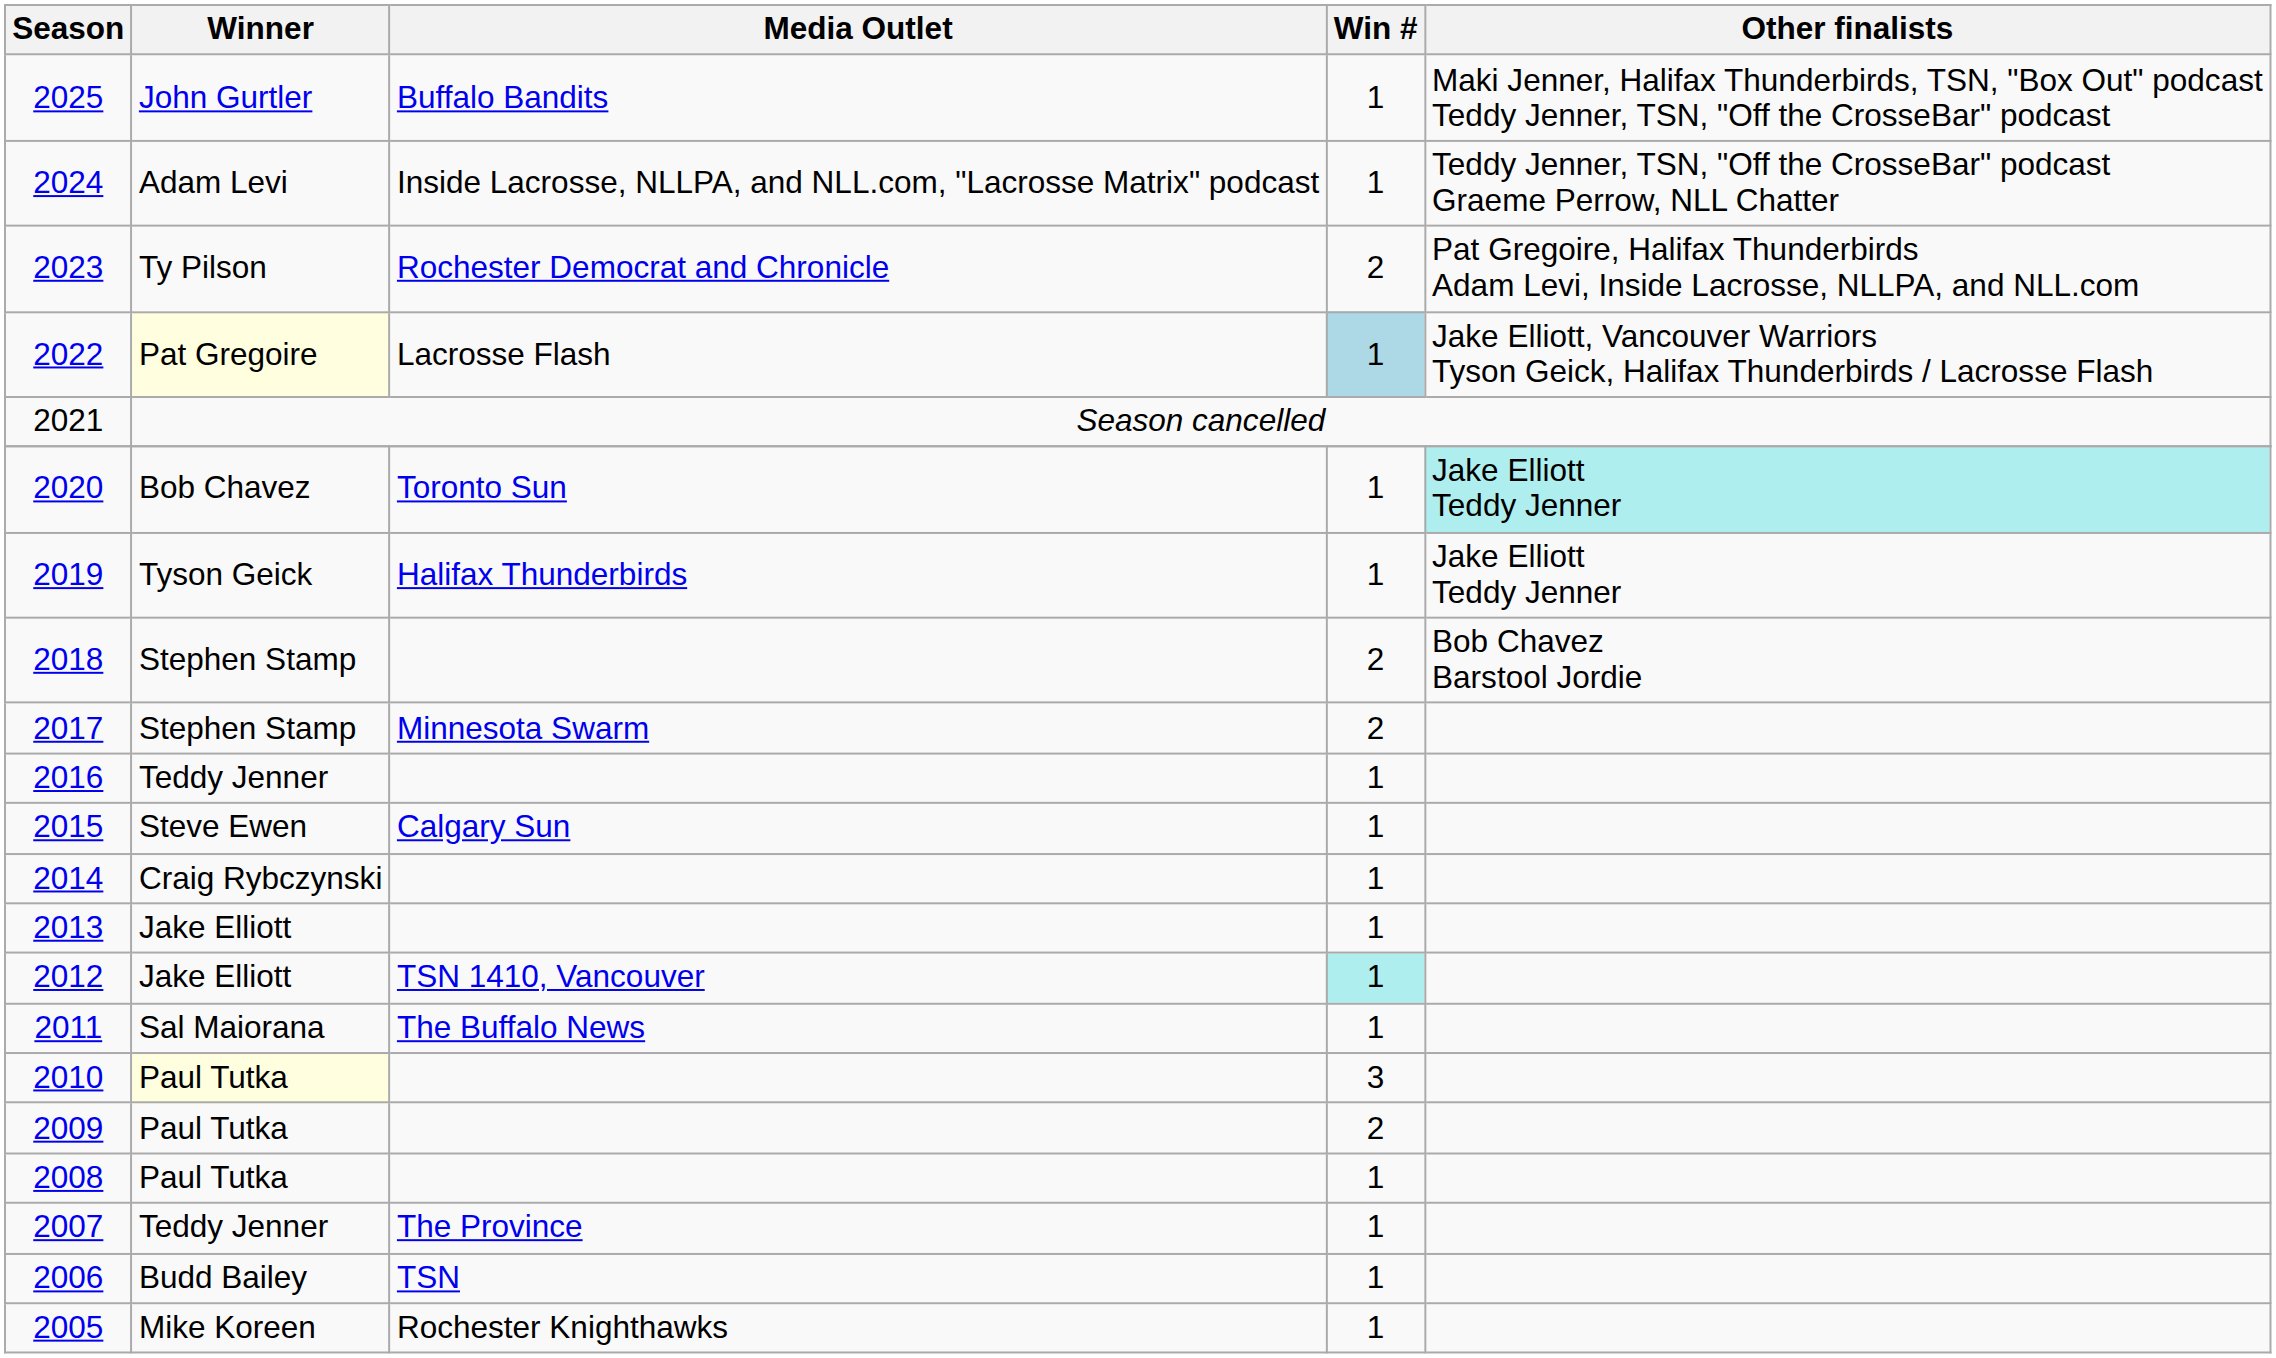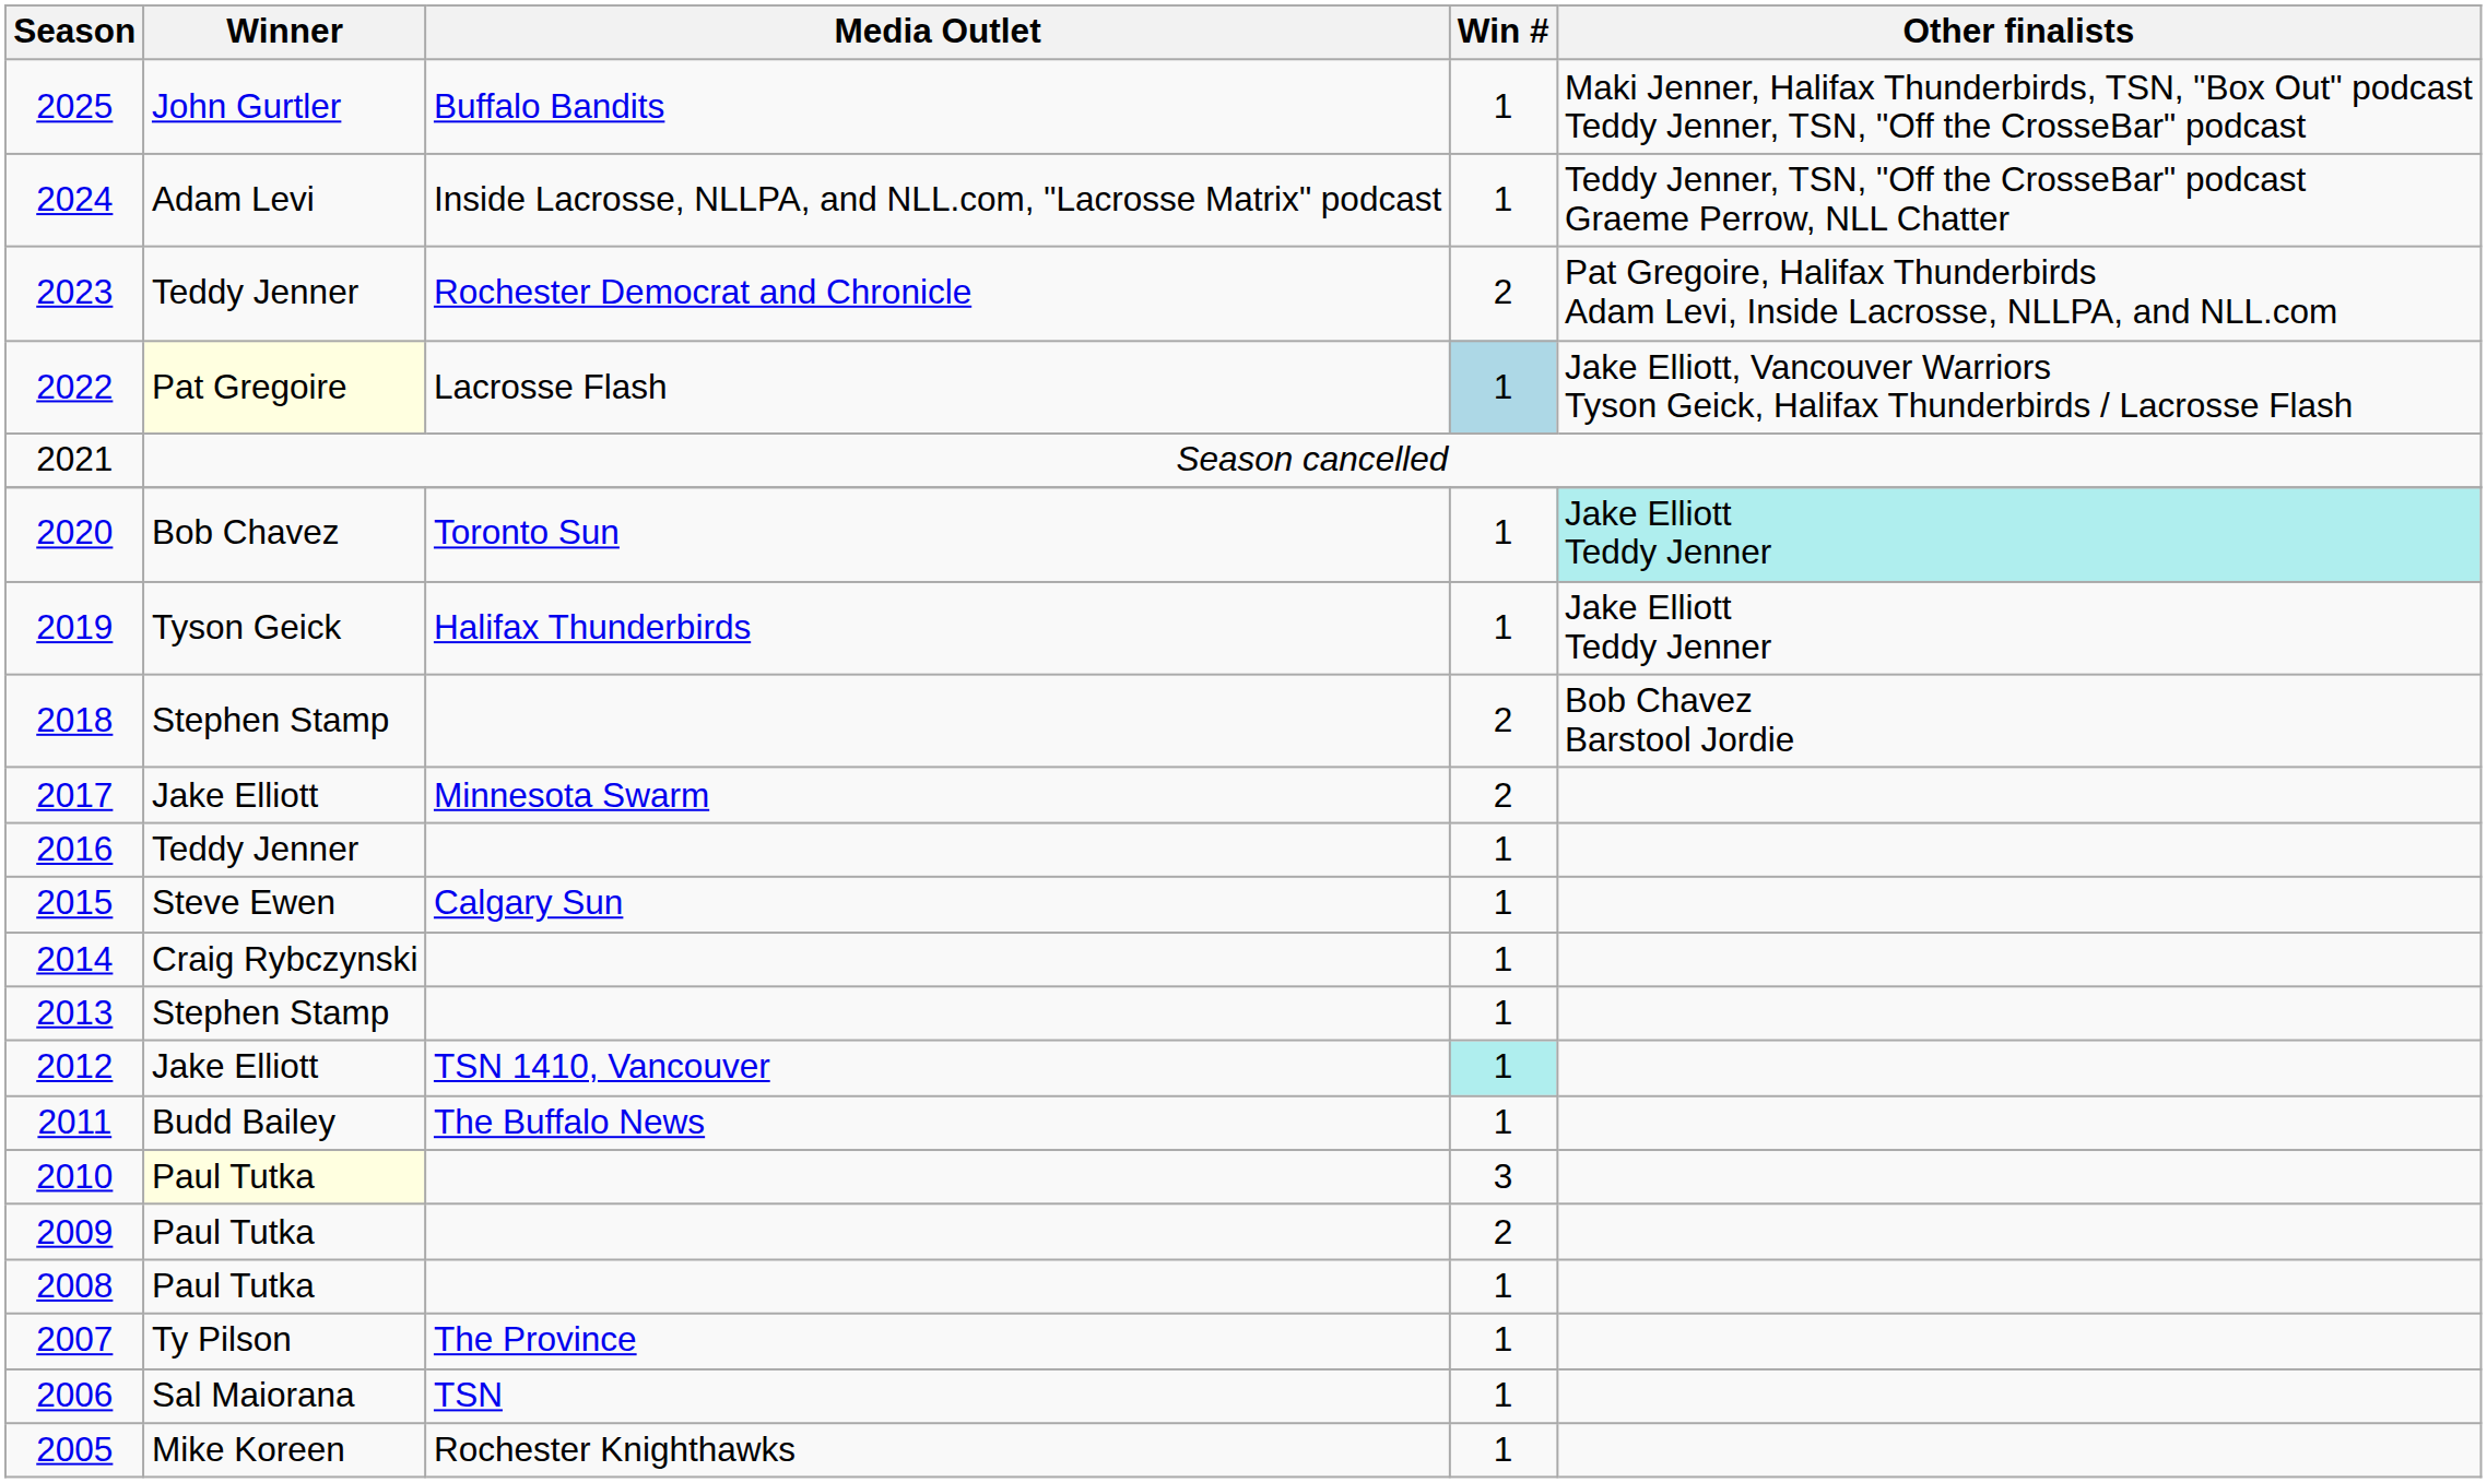 <table class="wikitable sortable">
 <tr>
 <th>Season</th>
 <th>Winner</th>
 <th>Media Outlet</th>
 <th>Win #</th>
 <th>Other finalists</th>
 </tr>
 <tr>
 <td align="center"><a href='#'>2025</a></td>
 <td><a href='#'>John Gurtler</a></td>
 <td><a href='#'>Buffalo Bandits</a></td>
 <td align="center">1</td>
 <td>Maki Jenner, Halifax Thunderbirds, TSN, "Box Out" podcast<br>Teddy Jenner, TSN, "Off the CrosseBar" podcast</td>
 </tr>
 <tr>
 <td align="center"><a href='#'>2024</a></td>
 <td>Adam Levi</td>
 <td>Inside Lacrosse, NLLPA, and NLL.com, "Lacrosse Matrix" podcast</td>
 <td align="center">1</td>
 <td>Teddy Jenner, TSN, "Off the CrosseBar" podcast<br>Graeme Perrow, NLL Chatter</td>
 </tr>
 <tr>
 <td align="center"><a href='#'>2023</a></td>
-<td>Ty Pilson </td>
+<td>Teddy Jenner</td>
 <td><a href='#'>Rochester Democrat and Chronicle</a></td>
 <td align="center">2</td>
 <td>Pat Gregoire, Halifax Thunderbirds<br>Adam Levi, Inside Lacrosse, NLLPA, and NLL.com</td>
 </tr>
 <tr>
 <td align="center"><a href='#'>2022</a></td>
 <td style="background: lightyellow;">Pat Gregoire</td>
 <td>Lacrosse Flash</td>
 <td align="center" style="background: lightblue;">1</td>
 <td>Jake Elliott, Vancouver Warriors<br>Tyson Geick, Halifax Thunderbirds / Lacrosse Flash</td>
 </tr>
 <tr>
 <td align="center">2021</td>
 <td align="center" colspan="4"><em>Season cancelled</em></td>
 </tr>
 <tr>
 </tr>
 <tr>
 <td align="center"><a href='#'>2020</a></td>
 <td>Bob Chavez</td>
 <td><a href='#'>Toronto Sun</a></td>
 <td align="center">1</td>
 <td style="background: paleturquoise;">Jake Elliott<br>Teddy Jenner</td>
 </tr>
 <tr>
 <td align="center"><a href='#'>2019</a></td>
 <td>Tyson Geick</td>
 <td><a href='#'>Halifax Thunderbirds</a></td>
 <td align="center">1</td>
 <td>Jake Elliott<br>Teddy Jenner</td>
 </tr>
 <tr>
 <td align="center"><a href='#'>2018</a></td>
 <td>Stephen Stamp</td>
 <td></td>
 <td align="center">2</td>
 <td>Bob Chavez<br>Barstool Jordie</td>
 </tr>
 <tr>
 <td align="center"><a href='#'>2017</a></td>
-<td>Stephen Stamp</td>
+<td>Jake Elliott</td>
 <td><a href='#'>Minnesota Swarm</a></td>
 <td align="center">2</td>
 <td></td>
 </tr>
 <tr>
 <td align="center"><a href='#'>2016</a></td>
 <td>Teddy Jenner</td>
 <td></td>
 <td align="center">1</td>
 <td></td>
 </tr>
 <tr>
 <td align="center"><a href='#'>2015</a></td>
 <td>Steve Ewen</td>
 <td><a href='#'>Calgary Sun</a></td>
 <td align="center">1</td>
 <td></td>
 </tr>
 <tr>
 <td align="center"><a href='#'>2014</a></td>
 <td>Craig Rybczynski</td>
 <td></td>
 <td align="center">1</td>
 <td></td>
 </tr>
 <tr>
 <td align="center"><a href='#'>2013</a></td>
-<td>Jake Elliott</td>
+<td>Stephen Stamp</td>
 <td></td>
 <td align="center">1</td>
 <td></td>
 </tr>
 <tr>
 <td align="center"><a href='#'>2012</a></td>
 <td>Jake Elliott</td>
 <td><a href='#'>TSN 1410, Vancouver</a></td>
 <td align="center" style="background: paleturquoise;">1</td>
 <td></td>
 </tr>
 <tr>
 <td align="center"><a href='#'>2011</a></td>
-<td>Sal Maiorana </td>
+<td>Budd Bailey</td>
 <td><a href='#'>The Buffalo News</a></td>
 <td align="center">1</td>
 <td></td>
 </tr>
 <tr>
 <td align="center"><a href='#'>2010</a></td>
 <td style="background: lightyellow;">Paul Tutka </td>
 <td></td>
 <td align="center">3</td>
 <td></td>
 </tr>
 <tr>
 <td align="center"><a href='#'>2009</a></td>
 <td>Paul Tutka </td>
 <td></td>
 <td align="center">2</td>
 <td></td>
 </tr>
 <tr>
 <td align="center"><a href='#'>2008</a></td>
 <td>Paul Tutka </td>
 <td></td>
 <td align="center">1</td>
 <td></td>
 </tr>
 <tr>
 <td align="center"><a href='#'>2007</a></td>
-<td>Teddy Jenner</td>
+<td>Ty Pilson </td>
 <td><a href='#'>The Province</a></td>
 <td align="center">1</td>
 <td></td>
 </tr>
 <tr>
 <td align="center"><a href='#'>2006</a></td>
-<td>Budd Bailey</td>
+<td>Sal Maiorana </td>
 <td><a href='#'>TSN</a></td>
 <td align="center">1</td>
 <td></td>
 </tr>
 <tr>
 <td align="center"><a href='#'>2005</a></td>
 <td>Mike Koreen </td>
 <td>Rochester Knighthawks</td>
 <td align="center">1</td>
 <td></td>
 </tr>
 </table>
